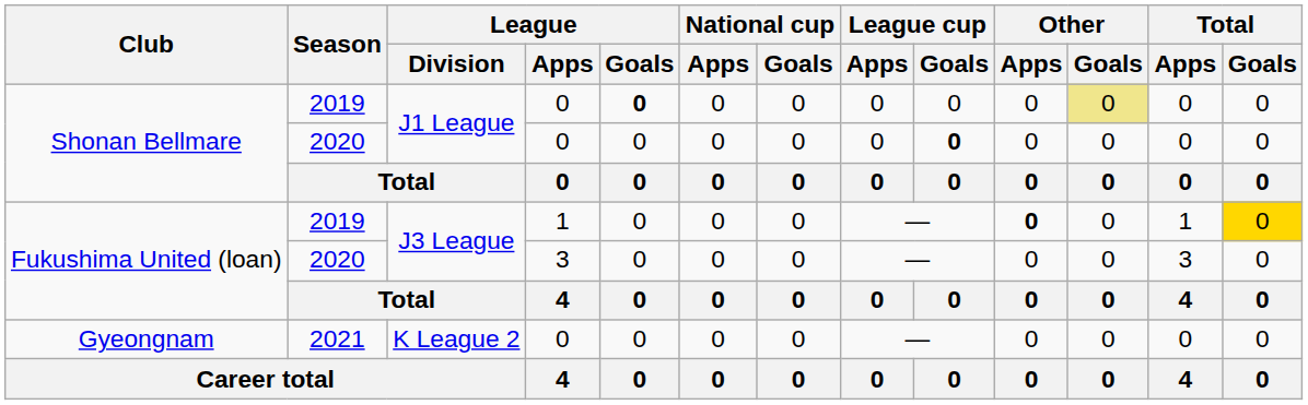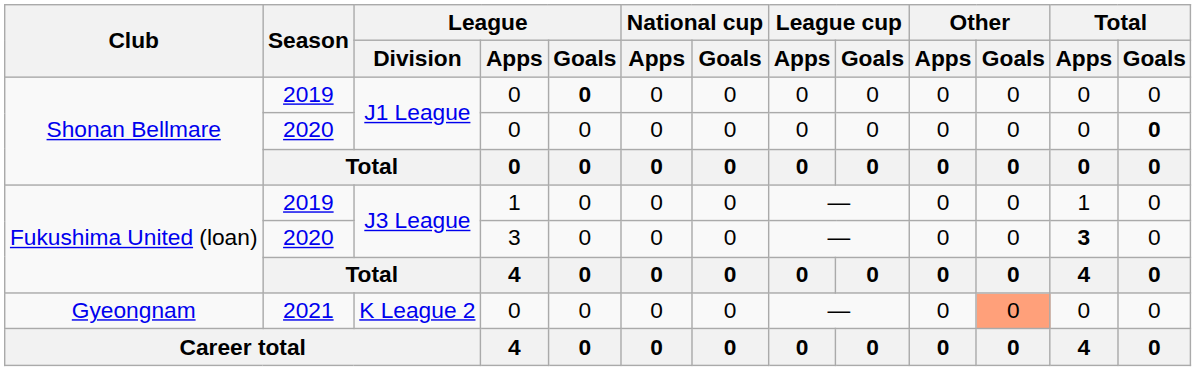 <table class="wikitable" style="text-align: center">
 <tr>
 <th rowspan="2">Club</th>
 <th rowspan="2">Season</th>
 <th colspan="3">League</th>
 <th colspan="2">National cup</th>
 <th colspan="2">League cup</th>
 <th colspan="2">Other</th>
 <th colspan="2">Total</th>
 </tr>
 <tr>
 <th>Division</th>
 <th>Apps</th>
 <th>Goals</th>
 <th>Apps</th>
 <th>Goals</th>
 <th>Apps</th>
 <th>Goals</th>
 <th>Apps</th>
 <th>Goals</th>
 <th>Apps</th>
 <th>Goals</th>
 </tr>
 <tr>
 <td rowspan="3"><a href='#'>Shonan Bellmare</a></td>
 <td><a href='#'>2019</a></td>
 <td rowspan="2"><a href='#'>J1 League</a></td>
 <td>0</td>
 <td><strong>0</strong></td>
 <td>0</td>
 <td>0</td>
 <td>0</td>
 <td>0</td>
 <td>0</td>
-<td style="background: khaki;">0</td>
+<td>0</td>
 <td>0</td>
 <td>0</td>
 </tr>
 <tr>
 <td><a href='#'>2020</a></td>
 <td>0</td>
 <td>0</td>
 <td>0</td>
 <td>0</td>
 <td>0</td>
-<td><strong>0</strong></td>
 <td>0</td>
 <td>0</td>
 <td>0</td>
 <td>0</td>
+<td><strong>0</strong></td>
 </tr>
 <tr>
 <th colspan=2>Total</th>
 <th>0</th>
 <th>0</th>
 <th>0</th>
 <th>0</th>
 <th>0</th>
 <th>0</th>
 <th>0</th>
 <th>0</th>
 <th>0</th>
 <th>0</th>
 </tr>
 <tr>
 <td rowspan="3"><a href='#'>Fukushima United</a> (loan)</td>
 <td><a href='#'>2019</a></td>
 <td rowspan="2"><a href='#'>J3 League</a></td>
 <td>1</td>
 <td>0</td>
 <td>0</td>
 <td>0</td>
 <td colspan="2">—</td>
-<td><strong>0</strong></td>
+<td>0</td>
 <td>0</td>
 <td>1</td>
-<td style="background: gold;">0</td>
+<td>0</td>
 </tr>
 <tr>
 <td><a href='#'>2020</a></td>
 <td>3</td>
 <td>0</td>
 <td>0</td>
 <td>0</td>
 <td colspan="2">—</td>
 <td>0</td>
 <td>0</td>
-<td>3</td>
+<td><strong>3</strong></td>
 <td>0</td>
 </tr>
 <tr>
 <th colspan=2>Total</th>
 <th>4</th>
 <th>0</th>
 <th>0</th>
 <th>0</th>
 <th>0</th>
 <th>0</th>
 <th>0</th>
 <th>0</th>
 <th>4</th>
 <th>0</th>
 </tr>
 <tr>
 <td><a href='#'>Gyeongnam</a></td>
 <td><a href='#'>2021</a></td>
 <td><a href='#'>K League 2</a></td>
 <td>0</td>
 <td>0</td>
 <td>0</td>
 <td>0</td>
 <td colspan="2">—</td>
 <td>0</td>
-<td>0</td>
+<td style="background: lightsalmon;">0</td>
 <td>0</td>
 <td>0</td>
 </tr>
 <tr>
 <th colspan=3>Career total</th>
 <th>4</th>
 <th>0</th>
 <th>0</th>
 <th>0</th>
 <th>0</th>
 <th>0</th>
 <th>0</th>
 <th>0</th>
 <th>4</th>
 <th>0</th>
 </tr>
 </table>
